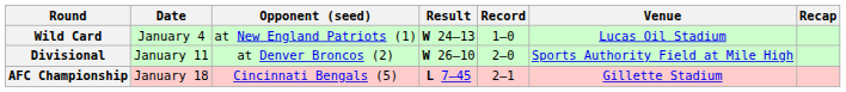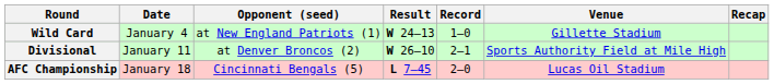 <table class="wikitable" style="text-align:center">
 <tr>
 <th>Round</th>
 <th>Date</th>
 <th>Opponent (seed)</th>
 <th>Result</th>
 <th>Record</th>
 <th>Venue</th>
 <th>Recap</th>
 </tr>
 <tr style="background:#cfc">
 <th>Wild Card</th>
 <td>January 4</td>
 <td>at <a href='#'>New England Patriots</a> (1)</td>
 <td><strong>W</strong> 24–13</td>
 <td>1–0</td>
-<td><a href='#'>Lucas Oil Stadium</a></td>
+<td><a href='#'>Gillette Stadium</a></td>
 <td></td>
 </tr>
 <tr style="background:#cfc">
 <th>Divisional</th>
 <td>January 11</td>
 <td>at <a href='#'>Denver Broncos</a> (2)</td>
 <td><strong>W</strong> 26–10</td>
-<td>2–0</td>
+<td>2–1</td>
 <td><a href='#'>Sports Authority Field at Mile High</a></td>
 <td></td>
 </tr>
 <tr style="background:#fcc">
 <th>AFC Championship</th>
 <td>January 18</td>
 <td><a href='#'>Cincinnati Bengals</a> (5)</td>
 <td><strong>L</strong> <a href='#'>7–45</a></td>
-<td>2–1</td>
-<td><a href='#'>Gillette Stadium</a></td>
+<td>2–0</td>
+<td><a href='#'>Lucas Oil Stadium</a></td>
 <td></td>
 </tr>
 </table>
